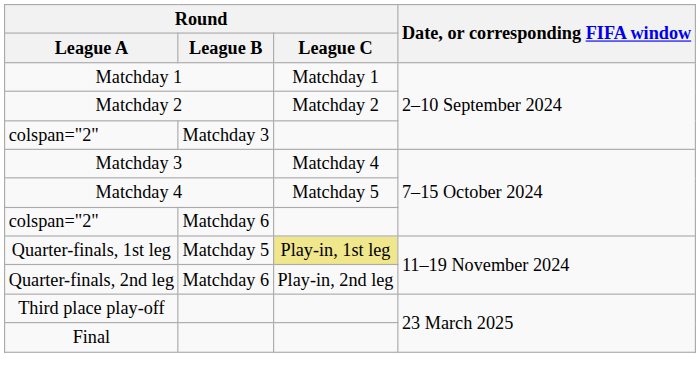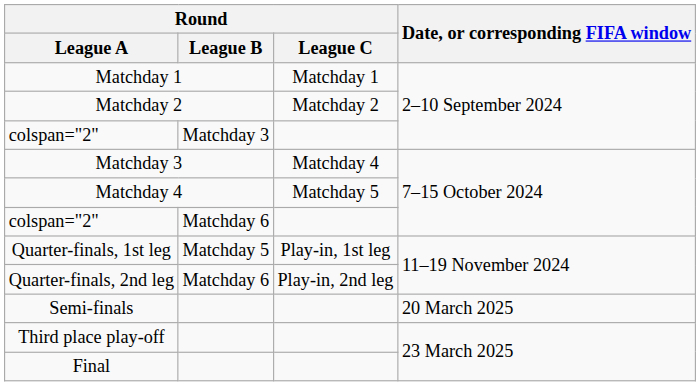 <table class="wikitable">
 <tr>
 <th colspan="3">Round</th>
 <th rowspan="2">Date, or corresponding <a href='#'>FIFA window</a></th>
 </tr>
 <tr>
 <th>League A</th>
 <th>League B</th>
 <th>League C</th>
 </tr>
 <tr>
 <td colspan="2" style="text-align:center">Matchday 1</td>
 <td style="text-align:center">Matchday 1</td>
 <td rowspan="3">2–10 September 2024</td>
 </tr>
 <tr>
 <td colspan="2" style="text-align:center">Matchday 2</td>
 <td style="text-align:center">Matchday 2</td>
 </tr>
 <tr>
 <td>colspan="2" </td>
 <td style="text-align:center">Matchday 3</td>
 </tr>
 <tr>
 <td colspan="2" style="text-align:center">Matchday 3</td>
 <td style="text-align:center">Matchday 4</td>
 <td rowspan="3">7–15 October 2024</td>
 </tr>
 <tr>
 <td colspan="2" style="text-align:center">Matchday 4</td>
 <td style="text-align:center">Matchday 5</td>
 </tr>
 <tr>
 <td>colspan="2" </td>
 <td style="text-align:center">Matchday 6</td>
 </tr>
 <tr>
 <td style="text-align:center">Quarter-finals, 1st leg</td>
 <td style="text-align:center">Matchday 5</td>
-<td style="background: khaki; text-align:center">Play-in, 1st leg</td>
+<td style="text-align:center">Play-in, 1st leg</td>
 <td rowspan="2">11–19 November 2024</td>
 </tr>
 <tr>
 <td style="text-align:center">Quarter-finals, 2nd leg</td>
 <td style="text-align:center">Matchday 6</td>
 <td style="text-align:center">Play-in, 2nd leg</td>
+</tr>
+<tr>
+<td style="text-align:center">Semi-finals</td>
+<td></td>
+<td></td>
+<td rowspan="1">20 March 2025</td>
 </tr>
 <tr>
 <td style="text-align:center">Third place play-off</td>
 <td></td>
 <td></td>
 <td rowspan="2">23 March 2025</td>
 </tr>
 <tr>
 <td style="text-align:center">Final</td>
 <td></td>
 <td></td>
 </tr>
 </table>
